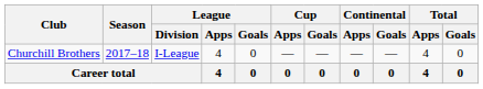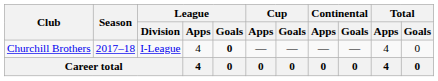 <table class=wikitable style=text-align:center>
 <tr>
 <th rowspan=2>Club</th>
 <th rowspan=2>Season</th>
 <th colspan=3>League</th>
 <th colspan=2>Cup</th>
 <th colspan=2>Continental</th>
 <th colspan=2>Total</th>
 </tr>
 <tr>
 <th>Division</th>
 <th>Apps</th>
 <th>Goals</th>
 <th>Apps</th>
 <th>Goals</th>
 <th>Apps</th>
 <th>Goals</th>
 <th>Apps</th>
 <th>Goals</th>
 </tr>
 <tr>
 <td rowspan=1><a href='#'>Churchill Brothers</a></td>
 <td><a href='#'>2017–18</a></td>
 <td><a href='#'>I-League</a></td>
 <td>4</td>
-<td>0</td>
+<td><strong>0</strong></td>
 <td>—</td>
 <td>—</td>
 <td>—</td>
 <td>—</td>
 <td>4</td>
 <td>0</td>
 </tr>
 <tr>
 <th colspan=3>Career total</th>
 <th>4</th>
 <th>0</th>
 <th>0</th>
 <th>0</th>
 <th>0</th>
 <th>0</th>
 <th>4</th>
 <th>0</th>
 </tr>
 </table>
